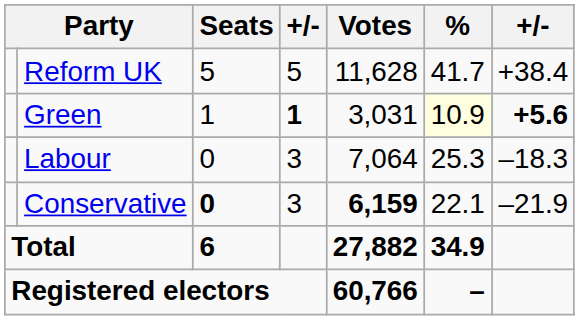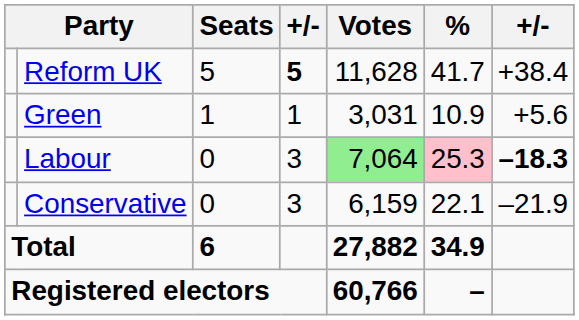 <table class="wikitable sortable">
 <tr>
 <th colspan="2">Party</th>
 <th>Seats</th>
 <th>+/-</th>
 <th>Votes</th>
 <th>%</th>
 <th>+/-</th>
 </tr>
 <tr>
 <td style="background-color: "></td>
 <td><a href='#'>Reform UK</a></td>
 <td>5</td>
-<td> 5</td>
+<td><strong> 5</strong></td>
 <td style="text-align:right;">11,628</td>
 <td style="text-align:right;">41.7</td>
 <td style="text-align:right;">+38.4</td>
 </tr>
 <tr>
 <td style="background-color: "></td>
 <td><a href='#'>Green</a></td>
 <td>1</td>
-<td><strong> 1</strong></td>
+<td> 1</td>
 <td style="text-align:right;">3,031</td>
-<td style="background: lightyellow; text-align:right;">10.9</td>
-<td style="text-align:right;"><strong>+5.6</strong></td>
+<td style="text-align:right;">10.9</td>
+<td style="text-align:right;">+5.6</td>
 </tr>
 <tr>
 <td style="background-color: "></td>
 <td><a href='#'>Labour</a></td>
 <td>0</td>
 <td> 3</td>
-<td style="text-align:right;">7,064</td>
-<td style="text-align:right;">25.3</td>
-<td style="text-align:right;">–18.3</td>
+<td style="background: lightgreen; text-align:right;">7,064</td>
+<td style="background: pink; text-align:right;">25.3</td>
+<td style="text-align:right;"><strong>–18.3</strong></td>
 </tr>
 <tr>
 <td style="background-color: "></td>
 <td><a href='#'>Conservative</a></td>
-<td><strong>0</strong></td>
+<td>0</td>
 <td> 3</td>
-<td style="text-align:right;"><strong>6,159</strong></td>
+<td style="text-align:right;">6,159</td>
 <td style="text-align:right;">22.1</td>
 <td style="text-align:right;">–21.9</td>
 </tr>
 <tr>
 <td colspan="2"><strong>Total</strong></td>
 <td><strong>6</strong></td>
 <td></td>
 <td style="text-align:right;"><strong>27,882</strong></td>
 <td style="text-align:right;"><strong>34.9</strong></td>
 <td style="text-align:right;"></td>
 </tr>
 <tr>
 <td colspan="4"><strong>Registered electors</strong></td>
 <td style="text-align:right;"><strong>60,766</strong></td>
 <td style="text-align:right;"><strong>–</strong></td>
 <td style="text-align:right;"></td>
 </tr>
 </table>
